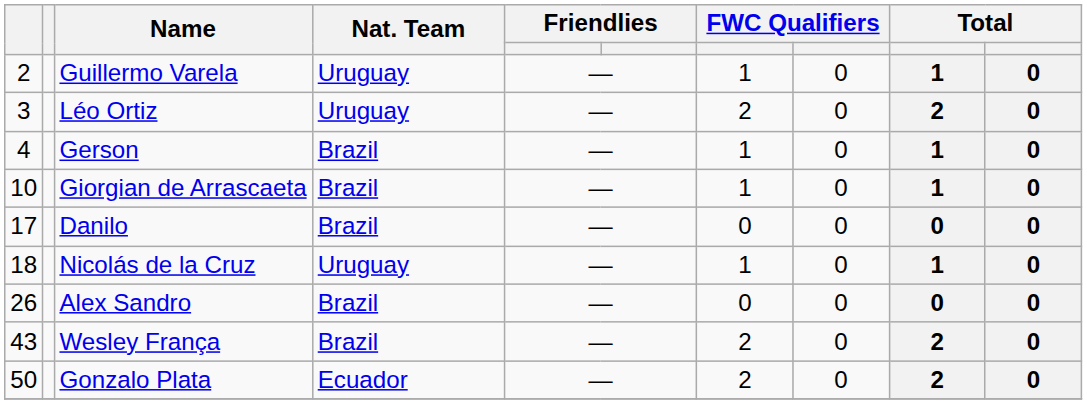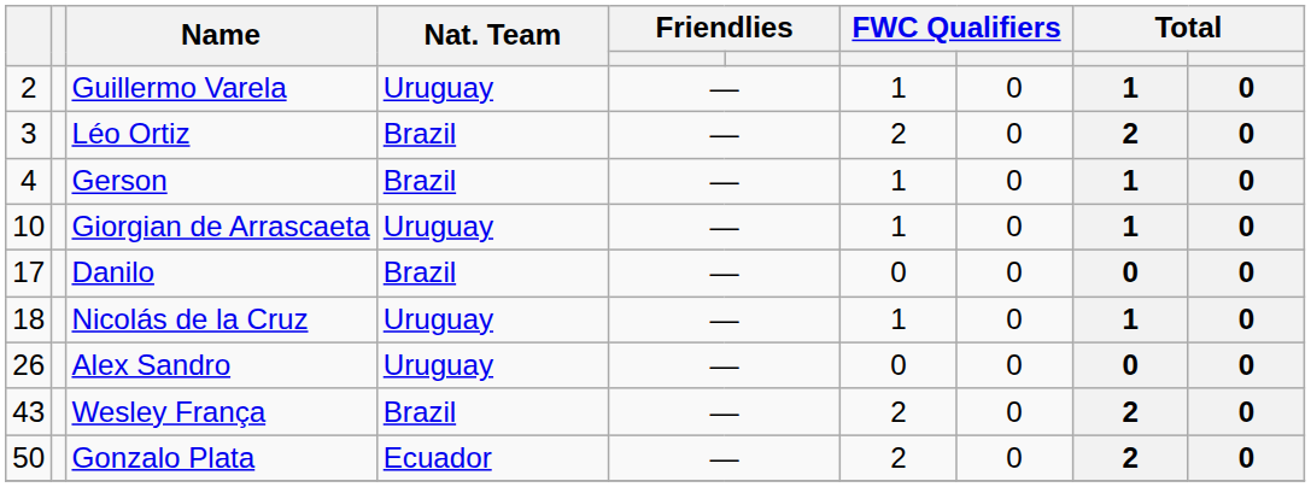 <table class="wikitable sortable" style="text-align:center">
 <tr>
 <th rowspan="2"></th>
 <th rowspan="2"></th>
 <th rowspan="2">Name</th>
 <th rowspan="2" style="width:120px;">Nat. Team</th>
 <th colspan="2" style="width:120px;">Friendlies</th>
 <th colspan="2" style="width:120px;"><a href='#'>FWC Qualifiers</a></th>
 <th colspan="2" style="width:120px;">Total</th>
 </tr>
 <tr>
 <th></th>
 <th></th>
 <th></th>
 <th></th>
 <th></th>
 <th></th>
 </tr>
 <tr>
 <td>2</td>
 <td></td>
 <td style="text-align:left;"><a href='#'>Guillermo Varela</a></td>
 <td style="text-align:left;"> <a href='#'>Uruguay</a></td>
 <td colspan="2">—</td>
 <td>1</td>
 <td>0</td>
 <th>1</th>
 <th>0</th>
 </tr>
 <tr>
 <td>3</td>
 <td></td>
 <td style="text-align:left;"><a href='#'>Léo Ortiz</a></td>
-<td style="text-align:left;"> <a href='#'>Uruguay</a></td>
+<td style="text-align:left;"> <a href='#'>Brazil</a></td>
 <td colspan="2">—</td>
 <td>2</td>
 <td>0</td>
 <th>2</th>
 <th>0</th>
 </tr>
 <tr>
 <td>4</td>
 <td></td>
 <td style="text-align:left;"><a href='#'>Gerson</a></td>
 <td style="text-align:left;"> <a href='#'>Brazil</a></td>
 <td colspan="2">—</td>
 <td>1</td>
 <td>0</td>
 <th>1</th>
 <th>0</th>
 </tr>
 <tr>
 <td>10</td>
 <td></td>
 <td style="text-align:left;"><a href='#'>Giorgian de Arrascaeta</a></td>
-<td style="text-align:left;"> <a href='#'>Brazil</a></td>
+<td style="text-align:left;"> <a href='#'>Uruguay</a></td>
 <td colspan="2">—</td>
 <td>1</td>
 <td>0</td>
 <th>1</th>
 <th>0</th>
 </tr>
 <tr>
 <td>17</td>
 <td></td>
 <td style="text-align:left;"><a href='#'>Danilo</a></td>
 <td style="text-align:left;"> <a href='#'>Brazil</a></td>
 <td colspan="2">—</td>
 <td>0</td>
 <td>0</td>
 <th>0</th>
 <th>0</th>
 </tr>
 <tr>
 <td>18</td>
 <td></td>
 <td style="text-align:left;"><a href='#'>Nicolás de la Cruz</a></td>
 <td style="text-align:left;"> <a href='#'>Uruguay</a></td>
 <td colspan="2">—</td>
 <td>1</td>
 <td>0</td>
 <th>1</th>
 <th>0</th>
 </tr>
 <tr>
 <td>26</td>
 <td></td>
 <td style="text-align:left;"><a href='#'>Alex Sandro</a></td>
-<td style="text-align:left;"> <a href='#'>Brazil</a></td>
+<td style="text-align:left;"> <a href='#'>Uruguay</a></td>
 <td colspan="2">—</td>
 <td>0</td>
 <td>0</td>
 <th>0</th>
 <th>0</th>
 </tr>
 <tr>
 <td>43</td>
 <td></td>
 <td style="text-align:left;"><a href='#'>Wesley França</a></td>
 <td style="text-align:left;"> <a href='#'>Brazil</a></td>
 <td colspan="2">—</td>
 <td>2</td>
 <td>0</td>
 <th>2</th>
 <th>0</th>
 </tr>
 <tr>
 <td>50</td>
 <td></td>
 <td style="text-align:left;"><a href='#'>Gonzalo Plata</a></td>
 <td style="text-align:left;"> <a href='#'>Ecuador</a></td>
 <td colspan="2">—</td>
 <td>2</td>
 <td>0</td>
 <th>2</th>
 <th>0</th>
 </tr>
 <tr>
 </tr>
 </table>
